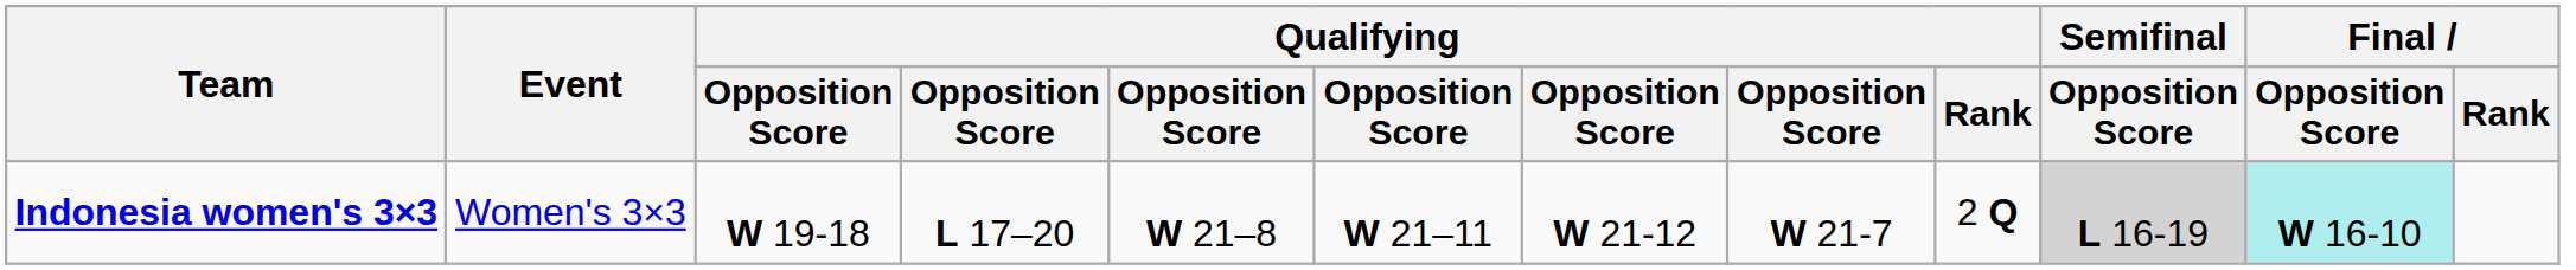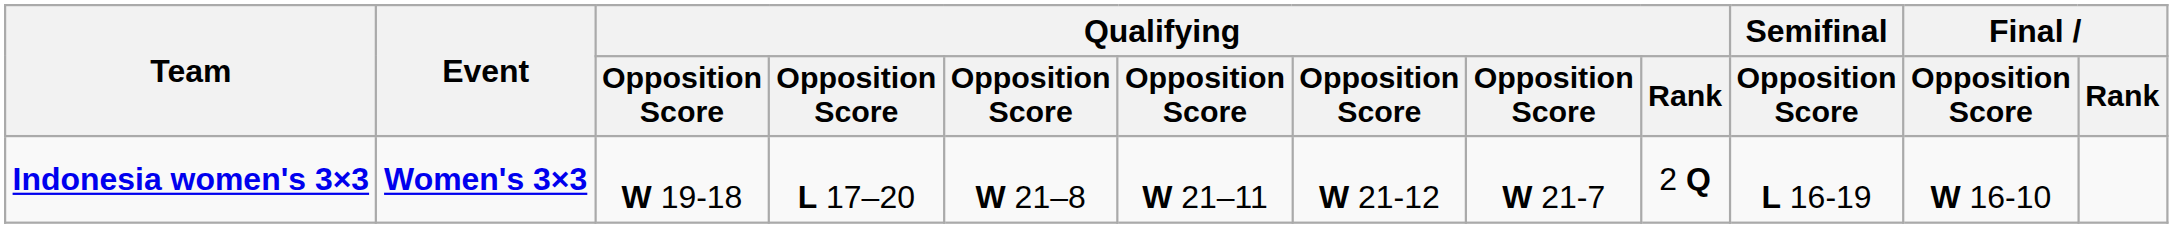 <table class="wikitable" style="font-size:90%">
 <tr>
 <th rowspan=2>Team</th>
 <th rowspan=2>Event</th>
 <th colspan=7>Qualifying</th>
 <th>Semifinal</th>
 <th colspan=2>Final / </th>
 </tr>
 <tr style="font-size:95%">
 <th>Opposition<br>Score</th>
 <th>Opposition<br>Score</th>
 <th>Opposition<br>Score</th>
 <th>Opposition<br>Score</th>
 <th>Opposition<br>Score</th>
 <th>Opposition<br>Score</th>
 <th>Rank</th>
 <th>Opposition<br>Score</th>
 <th>Opposition<br>Score</th>
 <th>Rank</th>
 </tr>
 <tr align=center>
 <td align=left><strong><a href='#'>Indonesia women's 3×3</a></strong></td>
-<td align=left><a href='#'>Women's 3×3</a></td>
+<td align=left><strong><a href='#'>Women's 3×3</a></strong></td>
 <td><br><strong>W</strong> 19-18</td>
 <td><br><strong>L</strong> 17–20</td>
 <td><br><strong>W</strong> 21–8</td>
 <td><br><strong>W</strong> 21–11</td>
 <td><br><strong>W</strong> 21-12</td>
 <td><br><strong>W</strong> 21-7</td>
 <td>2 <strong>Q</strong></td>
-<td style="background: lightgrey;"><br><strong>L</strong> 16-19</td>
-<td style="background: paleturquoise;"><br><strong>W</strong> 16-10</td>
+<td><br><strong>L</strong> 16-19</td>
+<td><br><strong>W</strong> 16-10</td>
 <td></td>
 </tr>
 </table>
